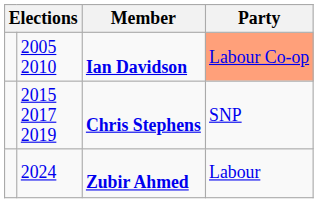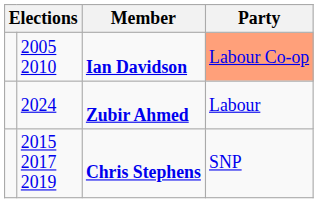 <table class="wikitable">
 <tr>
 <th colspan="2">Elections</th>
 <th>Member</th>
 <th>Party</th>
 </tr>
 <tr>
 <td style="color:inherit;background-color: "></td>
 <td><a href='#'>2005</a><br><a href='#'>2010</a></td>
 <td><br><strong><a href='#'>Ian Davidson</a></strong></td>
 <td style="background: lightsalmon;"><a href='#'>Labour Co-op</a></td>
 </tr>
 <tr>
 <td style="color:inherit;background-color: "></td>
+<td><a href='#'>2024</a></td>
+<td><br><strong><a href='#'>Zubir Ahmed</a></strong></td>
+<td><a href='#'>Labour</a></td>
+</tr>
+<tr>
+<td style="color:inherit;background-color: "></td>
 <td><a href='#'>2015</a><br><a href='#'>2017</a><br><a href='#'>2019</a></td>
 <td><br><strong><a href='#'>Chris Stephens</a></strong></td>
 <td><a href='#'>SNP</a></td>
 </tr>
-<tr>
-<td style="color:inherit;background-color: "></td>
-<td><a href='#'>2024</a></td>
-<td><br><strong><a href='#'>Zubir Ahmed</a></strong></td>
-<td><a href='#'>Labour</a></td>
-</tr>
 </table>
